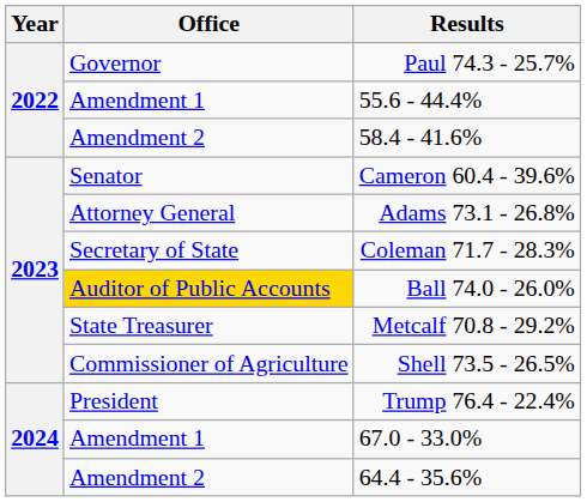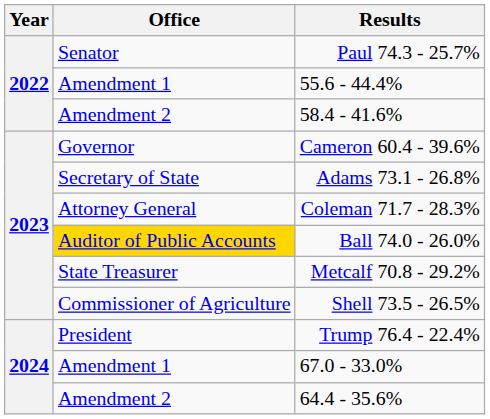 <table class=wikitable>
 <tr>
 <th>Year</th>
 <th>Office</th>
 <th>Results</th>
 </tr>
 <tr>
 <th rowspan=3><a href='#'>2022</a></th>
-<td><a href='#'>Governor</a></td>
+<td><a href='#'>Senator</a></td>
 <td align="right" ><a href='#'>Paul</a> 74.3 - 25.7%</td>
 </tr>
 <tr>
 <td><a href='#'>Amendment 1</a></td>
 <td> 55.6 - 44.4%</td>
 </tr>
 <tr>
 <td><a href='#'>Amendment 2</a></td>
 <td> 58.4 - 41.6%</td>
 </tr>
 <tr>
 <th rowspan=6><a href='#'>2023</a></th>
-<td><a href='#'>Senator</a></td>
+<td><a href='#'>Governor</a></td>
 <td align="right" ><a href='#'>Cameron</a> 60.4 - 39.6%</td>
 </tr>
 <tr>
-<td><a href='#'>Attorney General</a></td>
+<td><a href='#'>Secretary of State</a></td>
 <td align="right" ><a href='#'>Adams</a> 73.1 - 26.8%</td>
 </tr>
 <tr>
-<td><a href='#'>Secretary of State</a></td>
+<td><a href='#'>Attorney General</a></td>
 <td align="right" ><a href='#'>Coleman</a> 71.7 - 28.3%</td>
 </tr>
 <tr>
 <td style="background: gold;"><a href='#'>Auditor of Public Accounts</a></td>
 <td align="right" ><a href='#'>Ball</a> 74.0 - 26.0%</td>
 </tr>
 <tr>
 <td><a href='#'>State Treasurer</a></td>
 <td align="right" ><a href='#'>Metcalf</a> 70.8 - 29.2%</td>
 </tr>
 <tr>
 <td><a href='#'>Commissioner of Agriculture</a></td>
 <td align="right" ><a href='#'>Shell</a> 73.5 - 26.5%</td>
 </tr>
 <tr>
 <th rowspan=3><a href='#'>2024</a></th>
 <td><a href='#'>President</a></td>
 <td align="right" ><a href='#'>Trump</a> 76.4 - 22.4%</td>
 </tr>
 <tr>
 <td><a href='#'>Amendment 1</a></td>
 <td> 67.0 - 33.0%</td>
 </tr>
 <tr>
 <td><a href='#'>Amendment 2</a></td>
 <td> 64.4 - 35.6%</td>
 </tr>
 </table>
